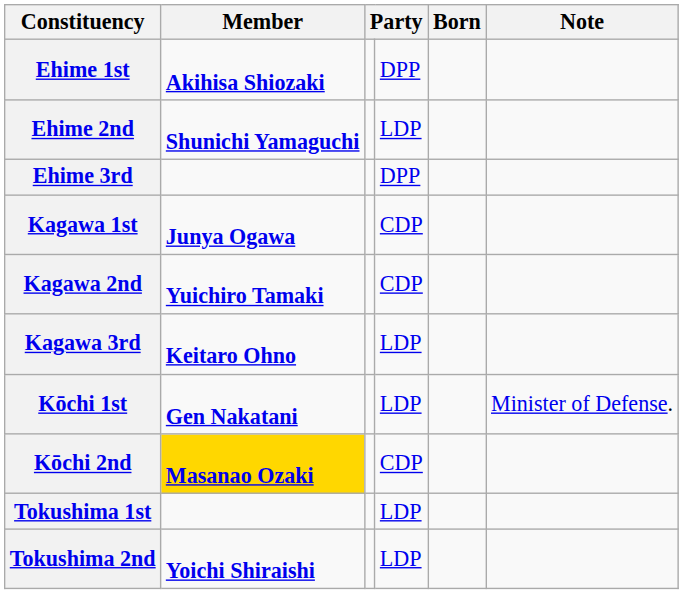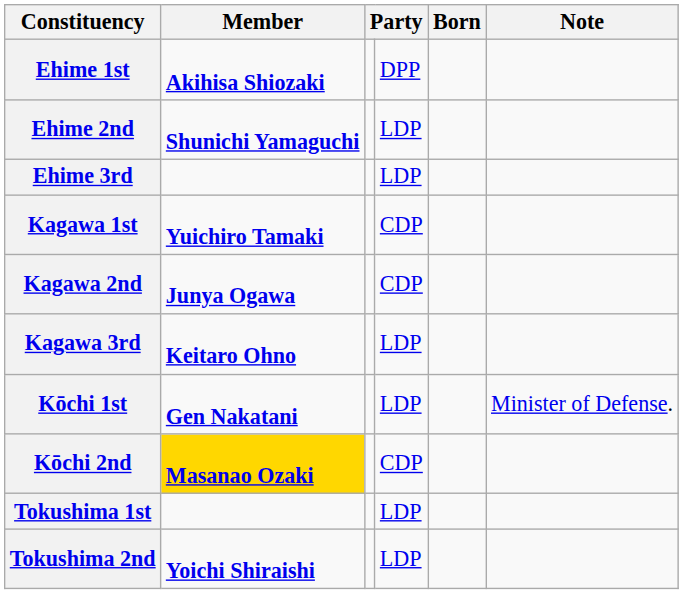 <table class="wikitable sortable plainrowheaders" id="votingmembers">
 <tr style="vertical-align:bottom">
 <th>Constituency</th>
 <th>Member</th>
 <th colspan=2>Party</th>
 <th>Born</th>
 <th>Note</th>
 </tr>
 <tr>
 <th><a href='#'>Ehime 1st</a></th>
 <td><br><strong><a href='#'>Akihisa Shiozaki</a></strong></td>
 <td style="background-color:"></td>
 <td><a href='#'>DPP</a></td>
 <td></td>
 <td></td>
 </tr>
 <tr>
 <th><a href='#'>Ehime 2nd</a></th>
 <td><br><strong><a href='#'>Shunichi Yamaguchi</a></strong></td>
 <td style="background-color:"></td>
 <td><a href='#'>LDP</a></td>
 <td></td>
 <td></td>
 </tr>
 <tr>
 <th><a href='#'>Ehime 3rd</a></th>
 <td><br><strong></strong></td>
 <td style="background-color:"></td>
-<td><a href='#'>DPP</a></td>
+<td><a href='#'>LDP</a></td>
 <td></td>
 <td></td>
 </tr>
 <tr>
 <th><a href='#'>Kagawa 1st</a></th>
-<td><br><strong><a href='#'>Junya Ogawa</a></strong></td>
+<td><br><strong><a href='#'>Yuichiro Tamaki</a></strong></td>
 <td style="background-color:"></td>
 <td><a href='#'>CDP</a></td>
 <td></td>
 <td></td>
 </tr>
 <tr>
 <th><a href='#'>Kagawa 2nd</a></th>
-<td><br><strong><a href='#'>Yuichiro Tamaki</a></strong></td>
+<td><br><strong><a href='#'>Junya Ogawa</a></strong></td>
 <td style="background-color:"></td>
 <td><a href='#'>CDP</a></td>
 <td></td>
 <td></td>
 </tr>
 <tr>
 <th><a href='#'>Kagawa 3rd</a></th>
 <td><br><strong><a href='#'>Keitaro Ohno</a></strong></td>
 <td style="background-color:"></td>
 <td><a href='#'>LDP</a></td>
 <td></td>
 <td></td>
 </tr>
 <tr>
 <th><a href='#'>Kōchi 1st</a></th>
 <td><br><strong><a href='#'>Gen Nakatani</a></strong></td>
 <td style="background-color:"></td>
 <td><a href='#'>LDP</a></td>
 <td></td>
 <td><a href='#'>Minister of Defense</a>.</td>
 </tr>
 <tr>
 <th><a href='#'>Kōchi 2nd</a></th>
 <td style="background: gold;"><br><strong><a href='#'>Masanao Ozaki</a></strong></td>
 <td style="background-color:"></td>
 <td><a href='#'>CDP</a></td>
 <td></td>
 <td></td>
 </tr>
 <tr>
 <th><a href='#'>Tokushima 1st</a></th>
 <td><br><strong></strong></td>
 <td style="background-color:"></td>
 <td><a href='#'>LDP</a></td>
 <td></td>
 <td></td>
 </tr>
 <tr>
 <th><a href='#'>Tokushima 2nd</a></th>
 <td><br><strong><a href='#'>Yoichi Shiraishi</a></strong></td>
 <td style="background-color:"></td>
 <td><a href='#'>LDP</a></td>
 <td></td>
 <td></td>
 </tr>
 </table>
